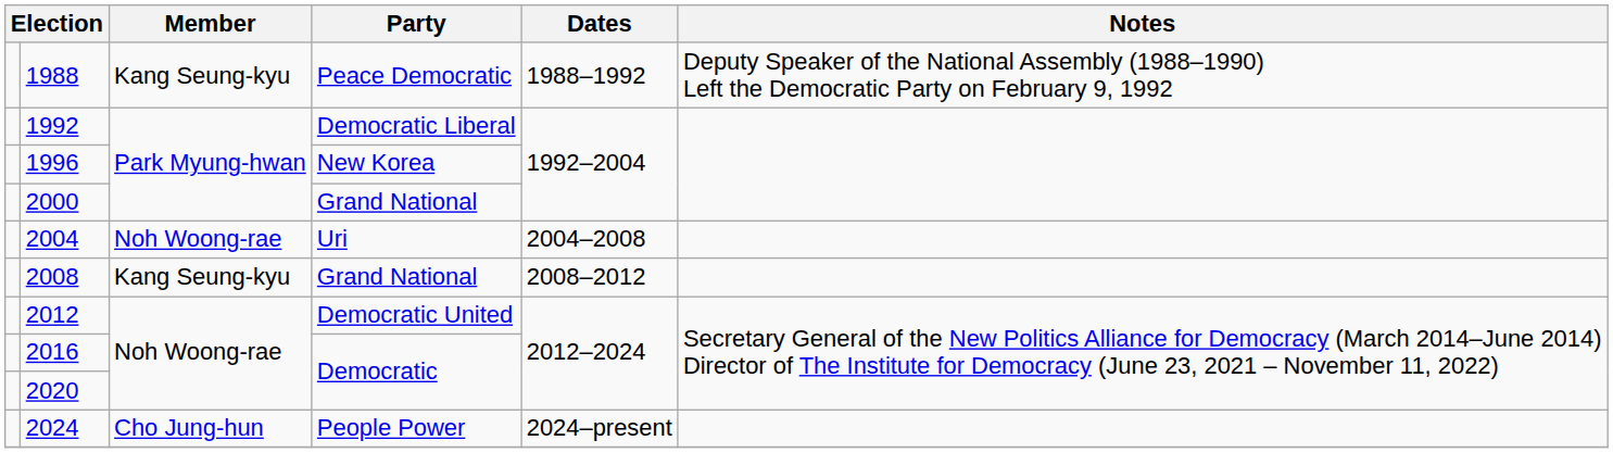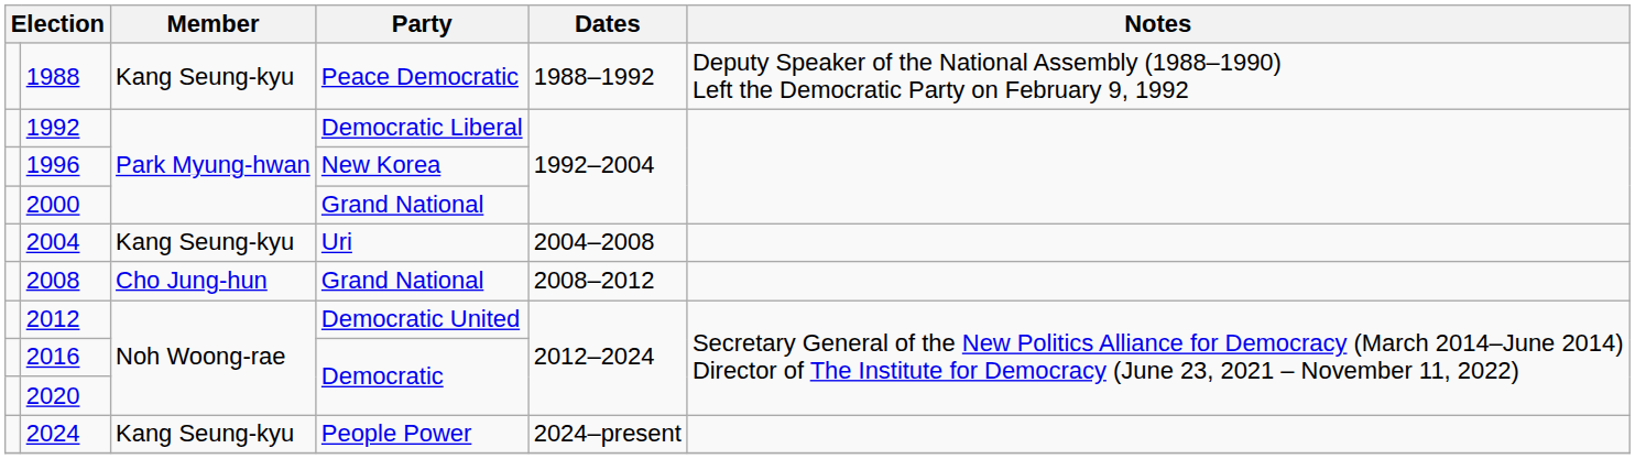 <table class="wikitable">
 <tr>
 <th colspan="2">Election</th>
 <th>Member</th>
 <th>Party</th>
 <th>Dates</th>
 <th>Notes</th>
 </tr>
 <tr>
 <td></td>
 <td><a href='#'>1988</a></td>
 <td>Kang Seung-kyu</td>
 <td><a href='#'>Peace Democratic</a></td>
 <td>1988–1992</td>
 <td>Deputy Speaker of the National Assembly (1988–1990)<br>Left the Democratic Party on February 9, 1992</td>
 </tr>
 <tr>
 <td></td>
 <td><a href='#'>1992</a></td>
 <td rowspan="3"><a href='#'>Park Myung-hwan</a></td>
 <td><a href='#'>Democratic Liberal</a></td>
 <td rowspan="3">1992–2004</td>
 <td rowspan="3"></td>
 </tr>
 <tr>
 <td></td>
 <td><a href='#'>1996</a></td>
 <td><a href='#'>New Korea</a></td>
 </tr>
 <tr>
 <td></td>
 <td><a href='#'>2000</a></td>
 <td><a href='#'>Grand National</a></td>
 </tr>
 <tr>
 <td></td>
 <td><a href='#'>2004</a></td>
-<td><a href='#'>Noh Woong-rae</a></td>
+<td>Kang Seung-kyu</td>
 <td><a href='#'>Uri</a></td>
 <td>2004–2008</td>
 <td></td>
 </tr>
 <tr>
 <td></td>
 <td><a href='#'>2008</a></td>
-<td>Kang Seung-kyu</td>
+<td><a href='#'>Cho Jung-hun</a></td>
 <td><a href='#'>Grand National</a></td>
 <td>2008–2012</td>
 <td></td>
 </tr>
 <tr>
 <td></td>
 <td><a href='#'>2012</a></td>
 <td rowspan="3">Noh Woong-rae</td>
 <td><a href='#'>Democratic United</a></td>
 <td rowspan="3">2012–2024</td>
 <td rowspan="3">Secretary General of the <a href='#'>New Politics Alliance for Democracy</a> (March 2014–June 2014)<br>Director of <a href='#'>The Institute for Democracy</a> (June 23, 2021 – November 11, 2022)</td>
 </tr>
 <tr>
 <td></td>
 <td><a href='#'>2016</a></td>
 <td rowspan="2"><a href='#'>Democratic</a></td>
 </tr>
 <tr>
 <td></td>
 <td><a href='#'>2020</a></td>
 </tr>
 <tr>
 <td></td>
 <td><a href='#'>2024</a></td>
-<td><a href='#'>Cho Jung-hun</a></td>
+<td>Kang Seung-kyu</td>
 <td><a href='#'>People Power</a></td>
 <td>2024–present</td>
 <td></td>
 </tr>
 <tr>
 </tr>
 </table>
